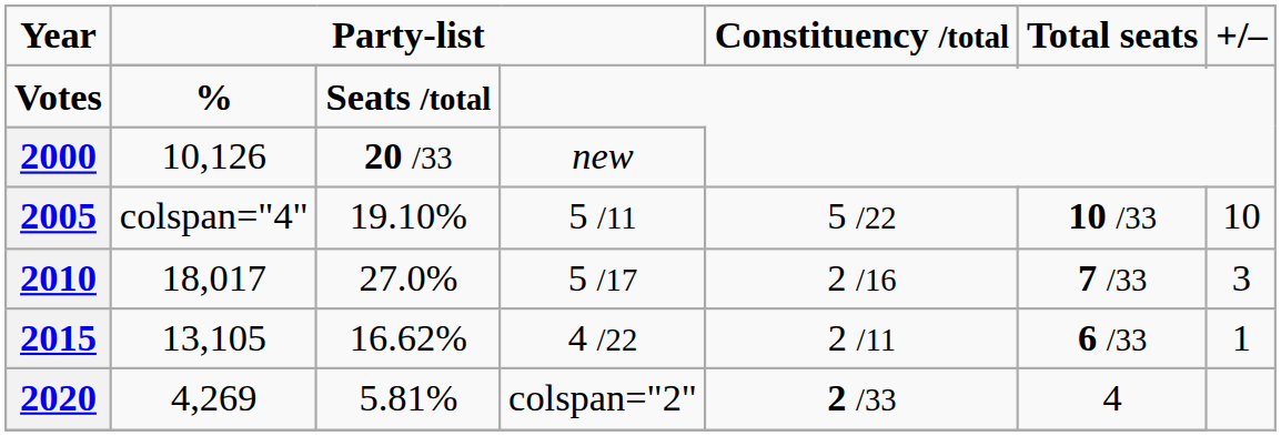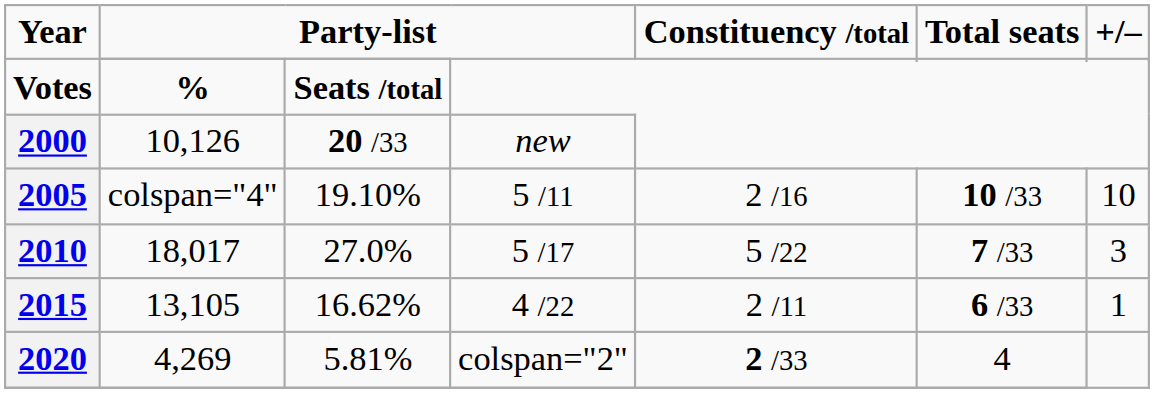 <table class="wikitable" style="text-align:center;">
 <tr>
 <td rowspan="2"><strong>Year</strong></td>
 <td colspan="3"><strong>Party-list</strong></td>
 <td rowspan="2"><strong>Constituency <small>/total</small></strong></td>
 <td rowspan="2"><strong>Total seats</strong></td>
 <td rowspan="2"><strong>+/–</strong></td>
 </tr>
 <tr>
 </tr>
 <tr>
 <td><strong>Votes</strong></td>
 <td><strong>%</strong></td>
 <td><strong>Seats <small>/total</small></strong></td>
 </tr>
 <tr>
 <th><a href='#'>2000</a></th>
 <td>10,126</td>
 <td><strong>20</strong> <small>/33</small></td>
 <td><em>new</em></td>
 </tr>
 <tr>
 <th><a href='#'>2005</a></th>
 <td>colspan="4" </td>
 <td>19.10%</td>
 <td>5 <small>/11</small></td>
-<td>5 <small>/22</small></td>
+<td>2 <small>/16</small></td>
 <td><strong>10</strong> <small>/33</small></td>
 <td> 10</td>
 </tr>
 <tr>
 <th><a href='#'>2010</a></th>
 <td>18,017</td>
 <td>27.0%</td>
 <td>5 <small>/17</small></td>
-<td>2 <small>/16</small></td>
+<td>5 <small>/22</small></td>
 <td><strong>7</strong> <small>/33</small></td>
 <td> 3</td>
 </tr>
 <tr>
 <th><a href='#'>2015</a></th>
 <td>13,105</td>
 <td>16.62%</td>
 <td>4 <small>/22</small></td>
 <td>2 <small>/11</small></td>
 <td><strong>6</strong> <small>/33</small></td>
 <td> 1</td>
 </tr>
 <tr>
 <th><a href='#'>2020</a></th>
 <td>4,269</td>
 <td>5.81%</td>
 <td>colspan="2" </td>
 <td><strong>2</strong> <small>/33</small></td>
 <td> 4</td>
 </tr>
 <tr>
 </tr>
 </table>
